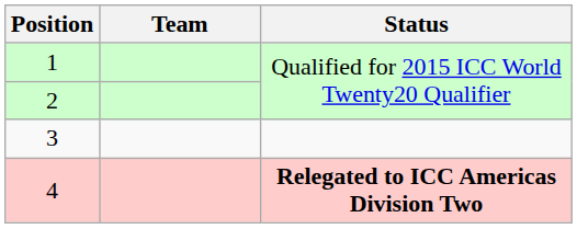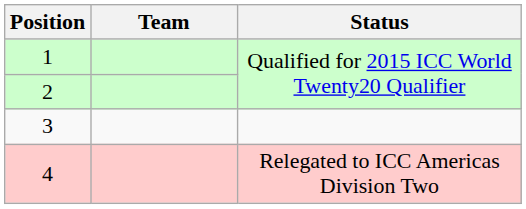 <table class="wikitable" style="text-align:center;">
 <tr>
 <th width=30>Position</th>
 <th width=100>Team</th>
 <th width=200>Status</th>
 </tr>
 <tr style="background:#cfc">
 <td style="text-align:center">1</td>
 <td style="text-align:left"></td>
 <td rowspan=2>Qualified for <a href='#'>2015 ICC World Twenty20 Qualifier</a></td>
 </tr>
 <tr style="background:#cfc">
 <td>2</td>
 <td style="text-align:left"></td>
 </tr>
 <tr>
 <td>3</td>
 <td style="text-align:left"></td>
 <td></td>
 </tr>
 <tr style="background: #ffcccc;">
 <td>4</td>
 <td style="text-align:left"></td>
-<td><strong>Relegated to ICC Americas Division Two</strong></td>
+<td>Relegated to ICC Americas Division Two</td>
 </tr>
 </table>
